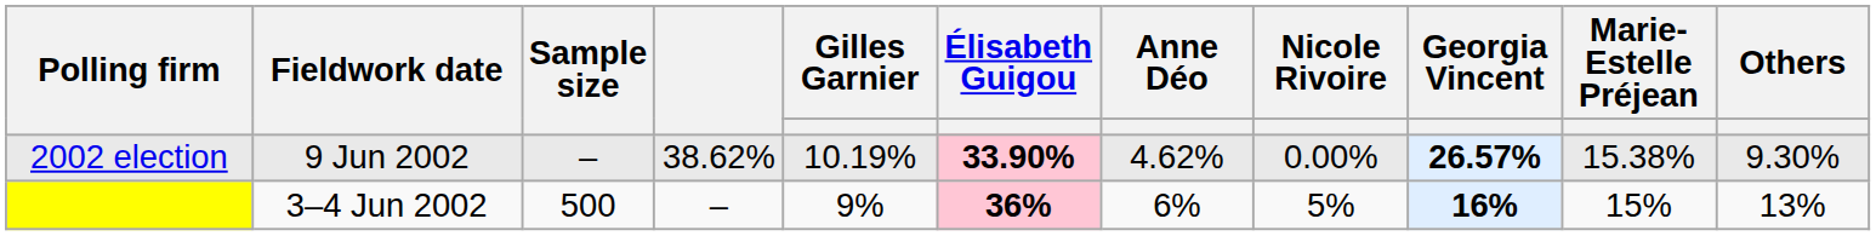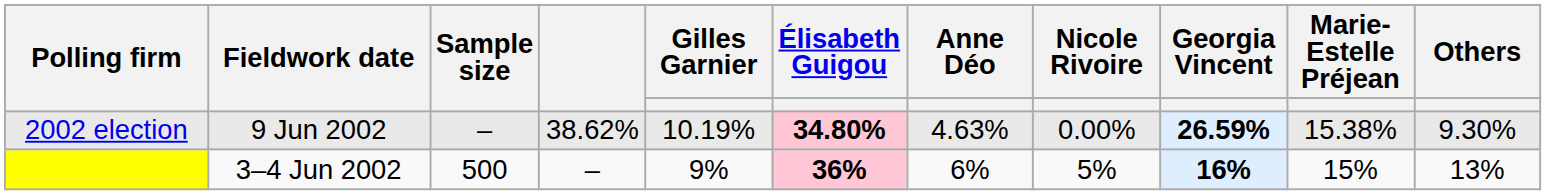 <table class="wikitable sortable" style="text-align:center;font-size:90%;line-height:14px;">
 <tr style="height:40px;">
 <th style="width:100px;" rowspan="2">Polling firm</th>
 <th style="width:110px;" rowspan="2">Fieldwork date</th>
 <th style="width:35px;" rowspan="2">Sample<br>size</th>
 <th style="width:30px;" rowspan="2"></th>
 <th class="unsortable" style="width:60px;">Gilles Garnier<br></th>
 <th class="unsortable" style="width:60px;"><a href='#'>Élisabeth Guigou</a><br></th>
 <th class="unsortable" style="width:60px;">Anne Déo<br></th>
 <th class="unsortable" style="width:60px;">Nicole Rivoire<br></th>
 <th class="unsortable" style="width:60px;">Georgia Vincent<br></th>
 <th class="unsortable" style="width:60px;">Marie-Estelle Préjean<br></th>
 <th class="unsortable" style="width:60px;">Others</th>
 </tr>
 <tr>
 <th style="background:"></th>
 <th style="background:"></th>
 <th style="background:"></th>
 <th style="background:"></th>
 <th style="background:"></th>
 <th style="background:"></th>
 <th style="background:"></th>
 </tr>
 <tr style="background:#E9E9E9;">
 <td><a href='#'>2002 election</a></td>
 <td data-sort-value="2002-06-09">9 Jun 2002</td>
 <td>–</td>
 <td>38.62%</td>
 <td>10.19%</td>
-<td style="background:#FFC6D5;"><strong>33.90%</strong></td>
-<td>4.62%</td>
+<td style="background:#FFC6D5;"><strong>34.80%</strong></td>
+<td>4.63%</td>
 <td>0.00%</td>
-<td style="background:#DFEEFF;"><strong>26.57%</strong></td>
+<td style="background:#DFEEFF;"><strong>26.59%</strong></td>
 <td>15.38%</td>
 <td>9.30%</td>
 </tr>
 <tr>
 <td style="background:yellow;"></td>
 <td data-sort-value="2002-06-04">3–4 Jun 2002</td>
 <td>500</td>
 <td>–</td>
 <td>9%</td>
 <td style="background:#FFC6D5;"><strong>36%</strong></td>
 <td>6%</td>
 <td>5%</td>
 <td style="background:#DFEEFF;"><strong>16%</strong></td>
 <td>15%</td>
 <td>13%</td>
 </tr>
 </table>
